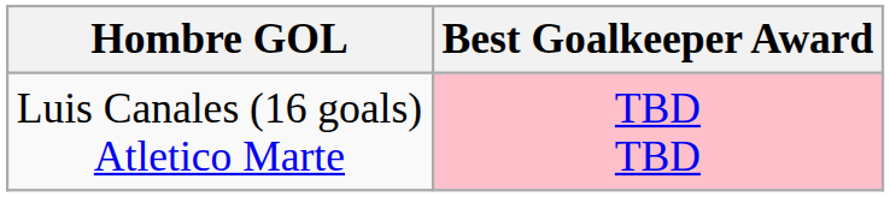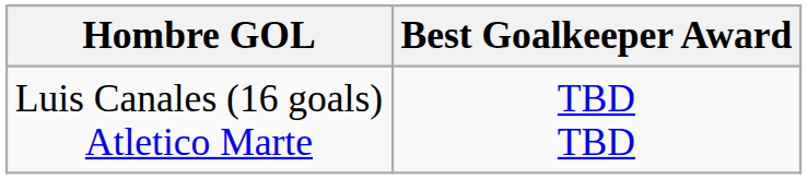 <table class="wikitable" style="margin: 0 auto;">
 <tr>
 <th>Hombre GOL</th>
 <th>Best Goalkeeper Award</th>
 </tr>
 <tr>
 <td align=center> Luis Canales (16 goals) <br> <a href='#'>Atletico Marte</a></td>
-<td align=center style="background: pink;"> <a href='#'>TBD</a> <br><a href='#'>TBD</a></td>
+<td align=center> <a href='#'>TBD</a> <br><a href='#'>TBD</a></td>
 </tr>
 </table>
